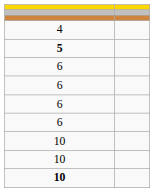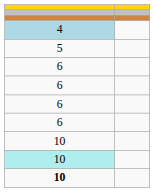 <table class="wikitable" style="width:200px;">
 <tr style="background:gold;">
 <td align=center></td>
 <td></td>
 </tr>
 <tr style="background:silver;">
 <td align=center></td>
 <td></td>
 </tr>
 <tr style="background:peru;">
 <td align=center></td>
 <td></td>
 </tr>
 <tr>
-<td align=center>4</td>
+<td align=center style="background: lightblue;">4</td>
 <td></td>
 </tr>
 <tr>
-<td align=center><strong>5</strong></td>
+<td align=center>5</td>
 <td></td>
 </tr>
 <tr>
 <td align=center>6</td>
 <td></td>
 </tr>
 <tr>
 <td align=center>6</td>
 <td></td>
 </tr>
 <tr>
 <td align=center>6</td>
 <td></td>
 </tr>
 <tr>
 <td align=center>6</td>
 <td></td>
 </tr>
 <tr>
 <td align=center>10</td>
 <td></td>
 </tr>
 <tr>
-<td align=center>10</td>
+<td align=center style="background: paleturquoise;">10</td>
 <td></td>
 </tr>
 <tr>
 <td align=center><strong>10</strong></td>
 <td></td>
 </tr>
 </table>
